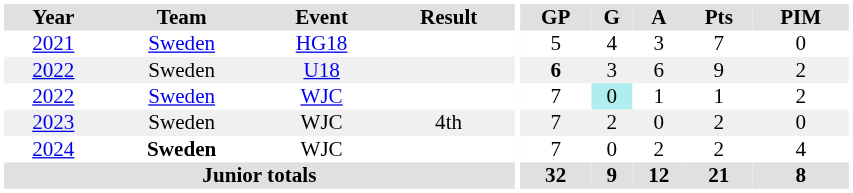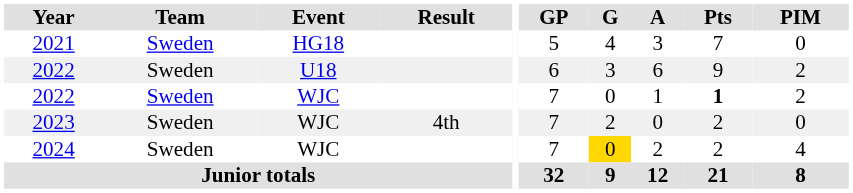 <table border="0" cellpadding="1" cellspacing="0" ID="Table3" style="text-align:center; width:40em">
 <tr bgcolor="#e0e0e0">
 <th>Year</th>
 <th>Team</th>
 <th>Event</th>
 <th>Result</th>
 <th rowspan="99" bgcolor="#ffffff"></th>
 <th>GP</th>
 <th>G</th>
 <th>A</th>
 <th>Pts</th>
 <th>PIM</th>
 </tr>
 <tr>
 <td><a href='#'>2021</a></td>
 <td><a href='#'>Sweden</a></td>
 <td><a href='#'>HG18</a></td>
 <td></td>
 <td>5</td>
 <td>4</td>
 <td>3</td>
 <td>7</td>
 <td>0</td>
 </tr>
 <tr bgcolor="#f0f0f0">
 <td><a href='#'>2022</a></td>
 <td>Sweden</td>
 <td><a href='#'>U18</a></td>
 <td></td>
-<td><strong>6</strong></td>
+<td>6</td>
 <td>3</td>
 <td>6</td>
 <td>9</td>
 <td>2</td>
 </tr>
 <tr>
 <td><a href='#'>2022</a></td>
 <td><a href='#'>Sweden</a></td>
 <td><a href='#'>WJC</a></td>
 <td></td>
 <td>7</td>
-<td style="background: paleturquoise;">0</td>
+<td>0</td>
 <td>1</td>
-<td>1</td>
+<td><strong>1</strong></td>
 <td>2</td>
 </tr>
 <tr bgcolor="#f0f0f0">
 <td><a href='#'>2023</a></td>
 <td>Sweden</td>
 <td>WJC</td>
 <td>4th</td>
 <td>7</td>
 <td>2</td>
 <td>0</td>
 <td>2</td>
 <td>0</td>
 </tr>
 <tr>
 <td><a href='#'>2024</a></td>
-<td><strong>Sweden</strong></td>
+<td>Sweden</td>
 <td>WJC</td>
 <td></td>
 <td>7</td>
-<td>0</td>
+<td style="background: gold;">0</td>
 <td>2</td>
 <td>2</td>
 <td>4</td>
 </tr>
 <tr bgcolor="#e0e0e0">
 <th colspan="4">Junior totals</th>
 <th>32</th>
 <th>9</th>
 <th>12</th>
 <th>21</th>
 <th>8</th>
 </tr>
 </table>
